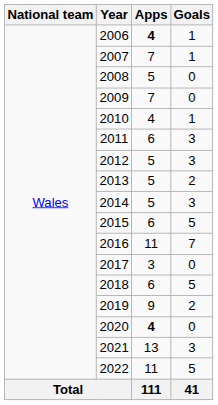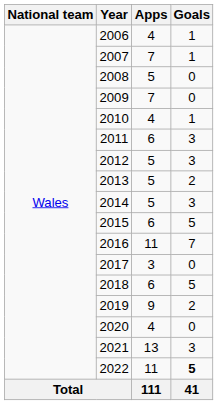 <table class="wikitable" style="text-align: center;">
 <tr>
 <th>National team</th>
 <th>Year</th>
 <th>Apps</th>
 <th>Goals</th>
 </tr>
 <tr>
 <td rowspan="17"><a href='#'>Wales</a></td>
 <td>2006</td>
-<td><strong>4</strong></td>
+<td>4</td>
 <td>1</td>
 </tr>
 <tr>
 <td>2007</td>
 <td>7</td>
 <td>1</td>
 </tr>
 <tr>
 <td>2008</td>
 <td>5</td>
 <td>0</td>
 </tr>
 <tr>
 <td>2009</td>
 <td>7</td>
 <td>0</td>
 </tr>
 <tr>
 <td>2010</td>
 <td>4</td>
 <td>1</td>
 </tr>
 <tr>
 <td>2011</td>
 <td>6</td>
 <td>3</td>
 </tr>
 <tr>
 <td>2012</td>
 <td>5</td>
 <td>3</td>
 </tr>
 <tr>
 <td>2013</td>
 <td>5</td>
 <td>2</td>
 </tr>
 <tr>
 <td>2014</td>
 <td>5</td>
 <td>3</td>
 </tr>
 <tr>
 <td>2015</td>
 <td>6</td>
 <td>5</td>
 </tr>
 <tr>
 <td>2016</td>
 <td>11</td>
 <td>7</td>
 </tr>
 <tr>
 <td>2017</td>
 <td>3</td>
 <td>0</td>
 </tr>
 <tr>
 <td>2018</td>
 <td>6</td>
 <td>5</td>
 </tr>
 <tr>
 <td>2019</td>
 <td>9</td>
 <td>2</td>
 </tr>
 <tr>
 <td>2020</td>
-<td><strong>4</strong></td>
+<td>4</td>
 <td>0</td>
 </tr>
 <tr>
 <td>2021</td>
 <td>13</td>
 <td>3</td>
 </tr>
 <tr>
 <td>2022</td>
 <td>11</td>
-<td>5</td>
+<td><strong>5</strong></td>
 </tr>
 <tr>
 <th colspan="2">Total</th>
 <th>111</th>
 <th>41</th>
 </tr>
 </table>
